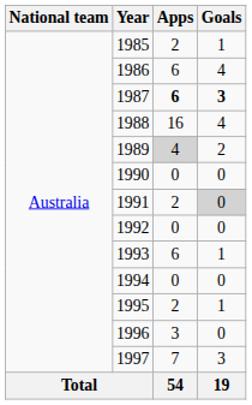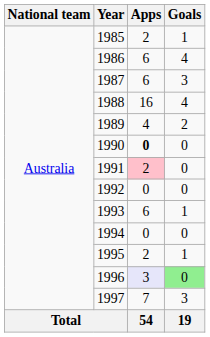 <table class="wikitable" style="text-align:center">
 <tr>
 <th>National team</th>
 <th>Year</th>
 <th>Apps</th>
 <th>Goals</th>
 </tr>
 <tr>
 <td rowspan="13"><a href='#'>Australia</a></td>
 <td>1985</td>
 <td>2</td>
 <td>1</td>
 </tr>
 <tr>
 <td>1986</td>
 <td>6</td>
 <td>4</td>
 </tr>
 <tr>
 <td>1987</td>
-<td><strong>6</strong></td>
-<td><strong>3</strong></td>
+<td>6</td>
+<td>3</td>
 </tr>
 <tr>
 <td>1988</td>
 <td>16</td>
 <td>4</td>
 </tr>
 <tr>
 <td>1989</td>
-<td style="background: lightgrey;">4</td>
+<td>4</td>
 <td>2</td>
 </tr>
 <tr>
 <td>1990</td>
-<td>0</td>
+<td><strong>0</strong></td>
 <td>0</td>
 </tr>
 <tr>
 <td>1991</td>
-<td>2</td>
-<td style="background: lightgrey;">0</td>
+<td style="background: pink;">2</td>
+<td>0</td>
 </tr>
 <tr>
 <td>1992</td>
 <td>0</td>
 <td>0</td>
 </tr>
 <tr>
 <td>1993</td>
 <td>6</td>
 <td>1</td>
 </tr>
 <tr>
 <td>1994</td>
 <td>0</td>
 <td>0</td>
 </tr>
 <tr>
 <td>1995</td>
 <td>2</td>
 <td>1</td>
 </tr>
 <tr>
 <td>1996</td>
-<td>3</td>
-<td>0</td>
+<td style="background: lavender;">3</td>
+<td style="background: lightgreen;">0</td>
 </tr>
 <tr>
 <td>1997</td>
 <td>7</td>
 <td>3</td>
 </tr>
 <tr>
 <th colspan="2">Total</th>
 <th>54</th>
 <th>19</th>
 </tr>
 </table>
